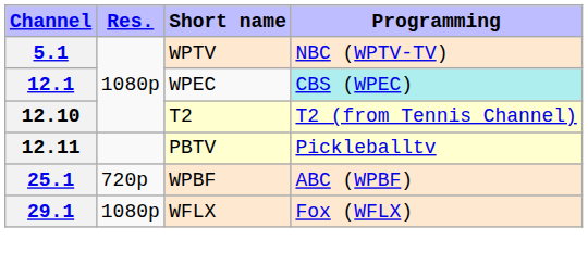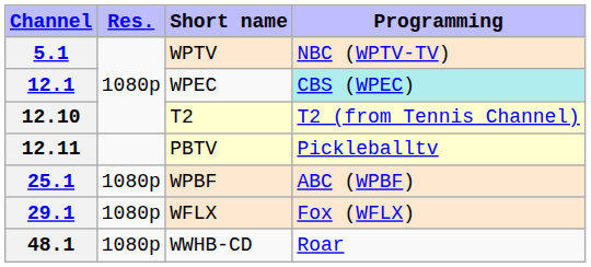 <table class="wikitable">
 <tr>
 <th style="background-color: #bdbdff" scope = "col"><a href='#'>Channel</a></th>
 <th style="background-color: #bdbdff" scope = "col"><a href='#'>Res.</a></th>
 <th style="background-color: #bdbdff" scope = "col">Short name</th>
 <th style="background-color: #bdbdff" scope = "col">Programming</th>
 </tr>
 <tr>
 <th scope = "row"><a href='#'>5.1</a></th>
 <td rowspan=3>1080p</td>
 <td style="background-color:#ffe8d0">WPTV</td>
 <td style="background-color:#ffe8d0"><a href='#'>NBC</a> (<a href='#'>WPTV-TV</a>) </td>
 </tr>
 <tr>
 <th scope = "row"><a href='#'>12.1</a></th>
 <td>WPEC</td>
 <td style="background: paleturquoise;"><a href='#'>CBS</a> (<a href='#'>WPEC</a>)</td>
 </tr>
 <tr>
 <th scope = "row">12.10</th>
 <td style="background-color:#ffffd0">T2</td>
 <td style="background-color:#ffffd0"><a href='#'>T2 (from Tennis Channel)</a></td>
 </tr>
 <tr>
 <th scope = "row">12.11</th>
 <td></td>
 <td style="background-color:#ffffd0">PBTV</td>
 <td style="background-color:#ffffd0"><a href='#'>Pickleballtv</a></td>
 </tr>
 <tr>
 <th scope = "row"><a href='#'>25.1</a></th>
-<td>720p</td>
+<td>1080p</td>
 <td style="background-color:#ffe8d0">WPBF</td>
 <td style="background-color:#ffe8d0"><a href='#'>ABC</a> (<a href='#'>WPBF</a>) </td>
 </tr>
 <tr>
 <th scope = "row"><a href='#'>29.1</a></th>
 <td>1080p</td>
 <td style="background-color:#ffe8d0">WFLX</td>
 <td style="background-color:#ffe8d0"><a href='#'>Fox</a> (<a href='#'>WFLX</a>) </td>
 </tr>
+<tr>
+<th scope = "row">48.1</th>
+<td>1080p</td>
+<td>WWHB-CD</td>
+<td><a href='#'>Roar</a></td>
+</tr>
 </table>
